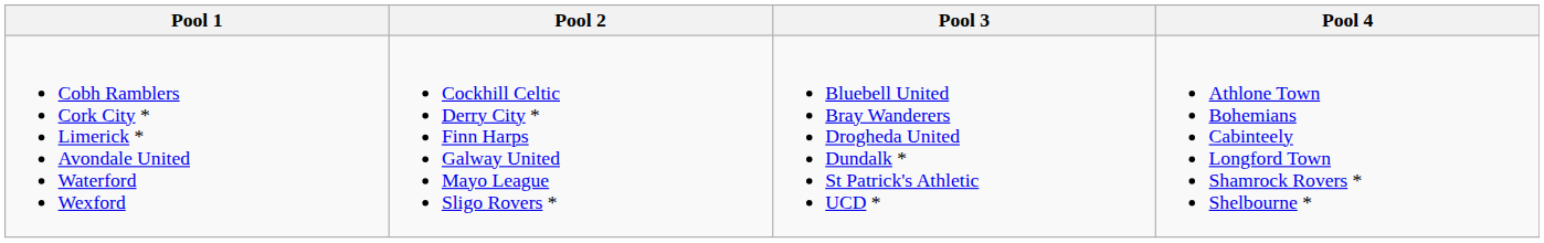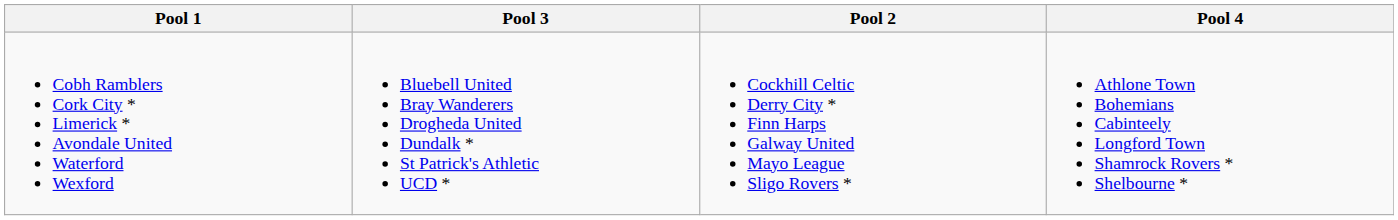 <table class="wikitable" width=100%>
 <tr>
 <th width=16%>Pool 1</th>
+<th width=16%>Pool 3</th>
 <th width=16%>Pool 2</th>
-<th width=16%>Pool 3</th>
 <th width=16%>Pool 4</th>
 </tr>
 <tr valign=top>
 <td><br><ul><li><a href='#'>Cobh Ramblers</a></li><li><a href='#'>Cork City</a> *</li><li><a href='#'>Limerick</a> *</li><li><a href='#'>Avondale United</a></li><li><a href='#'>Waterford</a></li><li><a href='#'>Wexford</a></li></ul></td>
+<td><br><ul><li><a href='#'>Bluebell United</a></li><li><a href='#'>Bray Wanderers</a></li><li><a href='#'>Drogheda United</a></li><li><a href='#'>Dundalk</a> *</li><li><a href='#'>St Patrick's Athletic</a></li><li><a href='#'>UCD</a> *</li></ul></td>
 <td><br><ul><li><a href='#'>Cockhill Celtic</a></li><li><a href='#'>Derry City</a> *</li><li><a href='#'>Finn Harps</a></li><li><a href='#'>Galway United</a></li><li><a href='#'>Mayo League</a></li><li><a href='#'>Sligo Rovers</a> *</li></ul></td>
-<td><br><ul><li><a href='#'>Bluebell United</a></li><li><a href='#'>Bray Wanderers</a></li><li><a href='#'>Drogheda United</a></li><li><a href='#'>Dundalk</a> *</li><li><a href='#'>St Patrick's Athletic</a></li><li><a href='#'>UCD</a> *</li></ul></td>
 <td><br><ul><li><a href='#'>Athlone Town</a></li><li><a href='#'>Bohemians</a></li><li><a href='#'>Cabinteely</a></li><li><a href='#'>Longford Town</a></li><li><a href='#'>Shamrock Rovers</a> *</li><li><a href='#'>Shelbourne</a> *</li></ul></td>
 </tr>
 </table>
